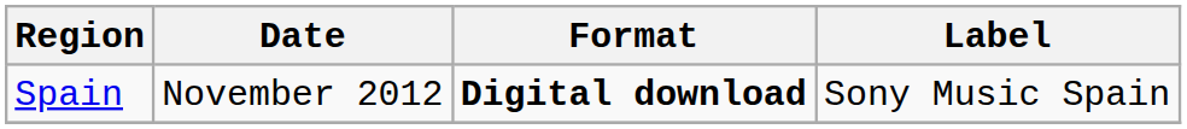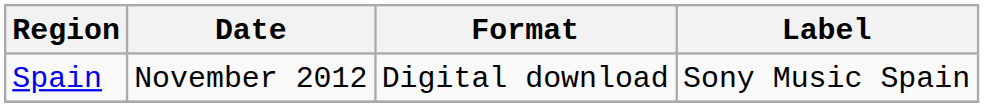 <table class=wikitable>
 <tr>
 <th>Region</th>
 <th>Date</th>
 <th>Format</th>
 <th>Label</th>
 </tr>
 <tr>
 <td><a href='#'>Spain</a></td>
 <td>November 2012</td>
-<td><strong>Digital download</strong></td>
+<td>Digital download</td>
 <td>Sony Music Spain</td>
 </tr>
 <tr>
 </tr>
 </table>
